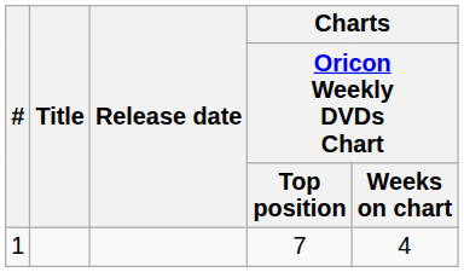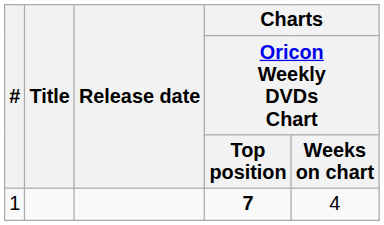 <table class="wikitable" style="text-align:center; font-size:;">
 <tr>
 <th rowspan="3">#</th>
 <th rowspan="3">Title</th>
 <th rowspan="3">Release date</th>
 <th colspan="2">Charts</th>
 </tr>
 <tr>
 <th colspan="2"><a href='#'>Oricon</a><br>Weekly<br>DVDs<br>Chart</th>
 </tr>
 <tr>
 <th>Top<br>position</th>
 <th>Weeks<br>on chart</th>
 </tr>
 <tr>
 <td>1</td>
 <td align="left"></td>
 <td align="right"></td>
-<td>7</td>
+<td><strong>7</strong></td>
 <td>4</td>
 </tr>
 </table>
